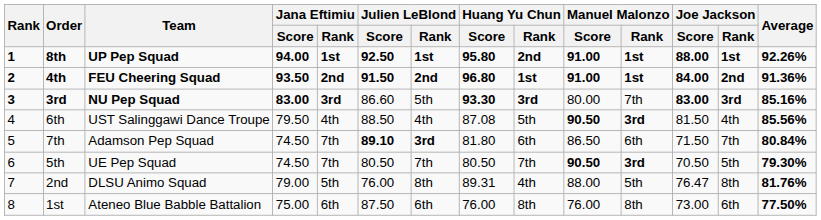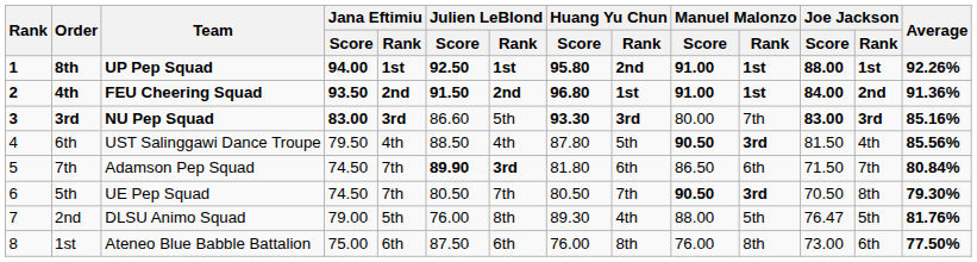 <table class="wikitable">
 <tr>
 <th rowspan="2">Rank</th>
 <th rowspan="2">Order</th>
 <th rowspan="2">Team</th>
 <th colspan="2">Jana Eftimiu</th>
 <th colspan="2">Julien LeBlond</th>
 <th colspan="2">Huang Yu Chun</th>
 <th colspan="2">Manuel Malonzo</th>
 <th colspan="2">Joe Jackson</th>
 <th rowspan="2">Average</th>
 </tr>
 <tr>
 <th>Score</th>
 <th>Rank</th>
 <th>Score</th>
 <th>Rank</th>
 <th>Score</th>
 <th>Rank</th>
 <th>Score</th>
 <th>Rank</th>
 <th>Score</th>
 <th>Rank</th>
 </tr>
 <tr>
 <td><strong>1</strong></td>
 <td><strong>8th</strong></td>
 <td><strong>UP Pep Squad</strong></td>
 <td><strong>94.00</strong></td>
 <td><strong>1st</strong></td>
 <td><strong>92.50</strong></td>
 <td><strong>1st</strong></td>
 <td><strong>95.80</strong></td>
 <td><strong>2nd</strong></td>
 <td><strong>91.00</strong></td>
 <td><strong>1st</strong></td>
 <td><strong>88.00</strong></td>
 <td><strong>1st</strong></td>
 <td><strong>92.26%</strong></td>
 </tr>
 <tr>
 <td><strong>2</strong></td>
 <td><strong>4th</strong></td>
 <td><strong>FEU Cheering Squad</strong></td>
 <td><strong>93.50</strong></td>
 <td><strong>2nd</strong></td>
 <td><strong>91.50</strong></td>
 <td><strong>2nd</strong></td>
 <td><strong>96.80</strong></td>
 <td><strong>1st</strong></td>
 <td><strong>91.00</strong></td>
 <td><strong>1st</strong></td>
 <td><strong>84.00</strong></td>
 <td><strong>2nd</strong></td>
 <td><strong>91.36%</strong></td>
 </tr>
 <tr>
 <td><strong>3</strong></td>
 <td><strong>3rd</strong></td>
 <td><strong>NU Pep Squad</strong></td>
 <td><strong>83.00</strong></td>
 <td><strong>3rd</strong></td>
 <td>86.60</td>
 <td>5th</td>
 <td><strong>93.30</strong></td>
 <td><strong>3rd</strong></td>
 <td>80.00</td>
 <td>7th</td>
 <td><strong>83.00</strong></td>
 <td><strong>3rd</strong></td>
 <td><strong>85.16%</strong></td>
 </tr>
 <tr>
 <td>4</td>
 <td>6th</td>
 <td>UST Salinggawi Dance Troupe</td>
 <td>79.50</td>
 <td>4th</td>
 <td>88.50</td>
 <td>4th</td>
-<td>87.08</td>
+<td>87.80</td>
 <td>5th</td>
 <td><strong>90.50</strong></td>
 <td><strong>3rd</strong></td>
 <td>81.50</td>
 <td>4th</td>
 <td><strong>85.56%</strong></td>
 </tr>
 <tr>
 <td>5</td>
 <td>7th</td>
 <td>Adamson Pep Squad</td>
 <td>74.50</td>
 <td>7th</td>
-<td><strong>89.10</strong></td>
+<td><strong>89.90</strong></td>
 <td><strong>3rd</strong></td>
 <td>81.80</td>
 <td>6th</td>
 <td>86.50</td>
 <td>6th</td>
 <td>71.50</td>
 <td>7th</td>
 <td><strong>80.84%</strong></td>
 </tr>
 <tr>
 <td>6</td>
 <td>5th</td>
 <td>UE Pep Squad</td>
 <td>74.50</td>
 <td>7th</td>
 <td>80.50</td>
 <td>7th</td>
 <td>80.50</td>
 <td>7th</td>
 <td><strong>90.50</strong></td>
 <td><strong>3rd</strong></td>
 <td>70.50</td>
-<td>5th</td>
+<td>8th</td>
 <td><strong>79.30%</strong></td>
 </tr>
 <tr>
 <td>7</td>
 <td>2nd</td>
 <td>DLSU Animo Squad</td>
 <td>79.00</td>
 <td>5th</td>
 <td>76.00</td>
 <td>8th</td>
-<td>89.31</td>
+<td>89.30</td>
 <td>4th</td>
 <td>88.00</td>
 <td>5th</td>
 <td>76.47</td>
-<td>8th</td>
+<td>5th</td>
 <td><strong>81.76%</strong></td>
 </tr>
 <tr>
 <td>8</td>
 <td>1st</td>
 <td>Ateneo Blue Babble Battalion</td>
 <td>75.00</td>
 <td>6th</td>
 <td>87.50</td>
 <td>6th</td>
 <td>76.00</td>
 <td>8th</td>
 <td>76.00</td>
 <td>8th</td>
 <td>73.00</td>
 <td>6th</td>
 <td><strong>77.50%</strong></td>
 </tr>
 </table>
